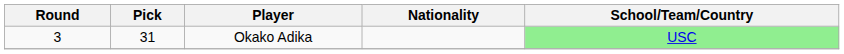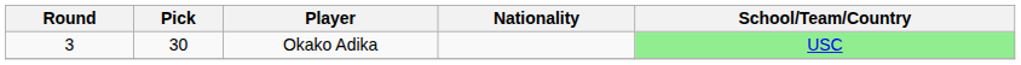 <table class="wikitable" style="text-align:center; width:60em">
 <tr>
 <th>Round</th>
 <th>Pick</th>
 <th>Player</th>
 <th>Nationality</th>
 <th>School/Team/Country</th>
 </tr>
 <tr>
 <td>3</td>
-<td>31</td>
+<td>30</td>
 <td>Okako Adika</td>
 <td></td>
 <td style="background: lightgreen;"><a href='#'>USC</a></td>
 </tr>
 <tr>
 </tr>
 </table>
